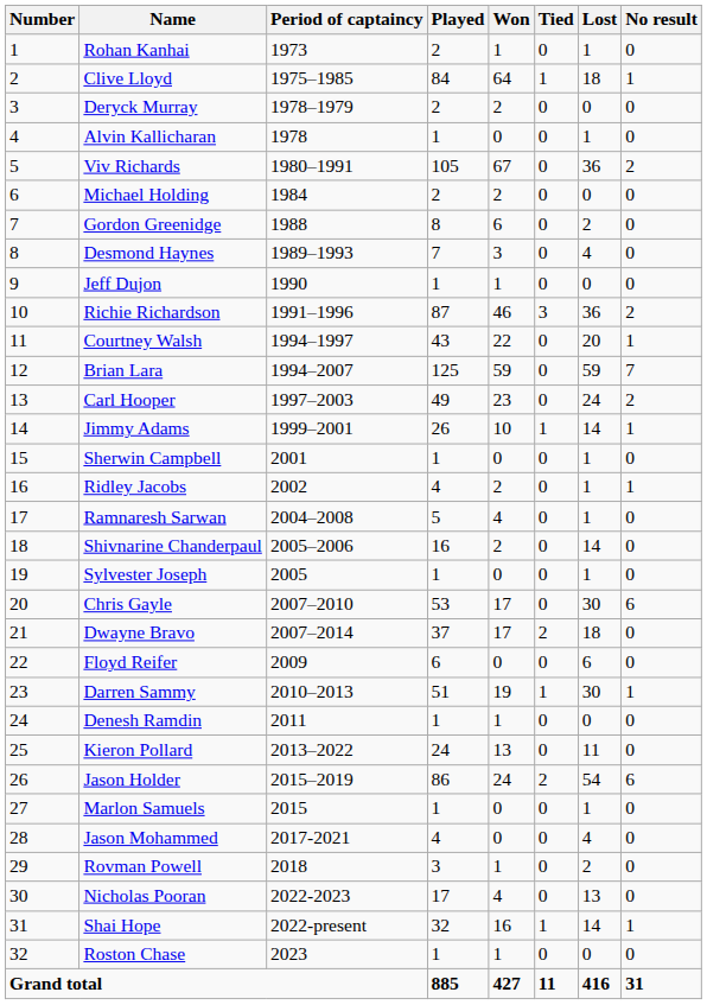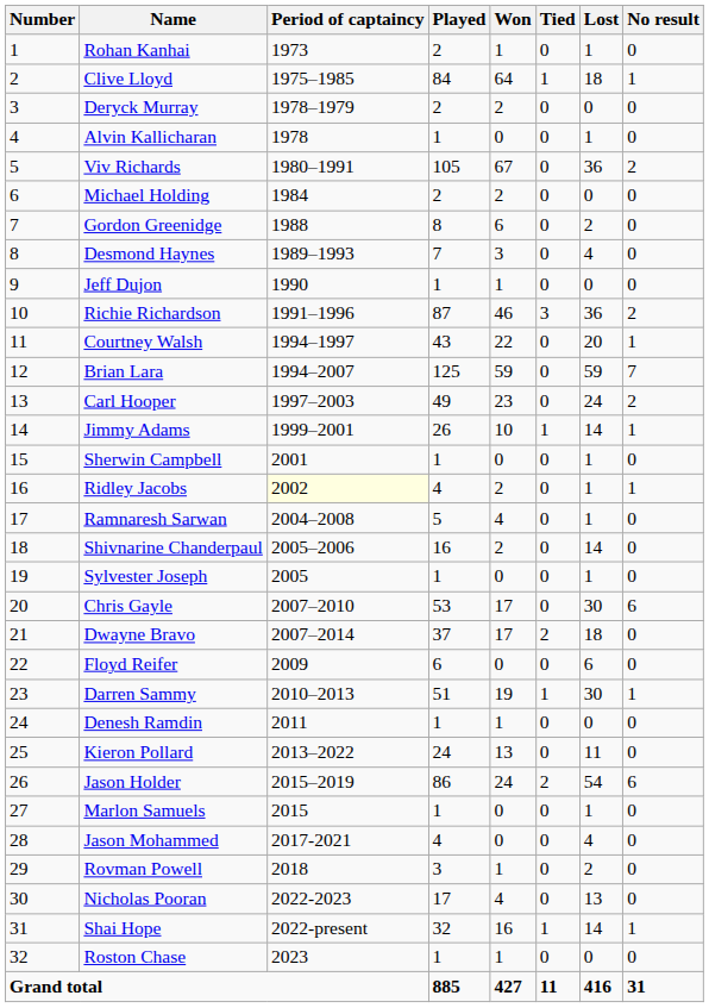 <table class="wikitable">
 <tr>
 <th>Number</th>
 <th>Name</th>
 <th>Period of captaincy</th>
 <th>Played</th>
 <th>Won</th>
 <th>Tied</th>
 <th>Lost</th>
 <th>No result</th>
 </tr>
 <tr>
 <td>1</td>
 <td><a href='#'>Rohan Kanhai</a></td>
 <td>1973</td>
 <td>2</td>
 <td>1</td>
 <td>0</td>
 <td>1</td>
 <td>0</td>
 </tr>
 <tr>
 <td>2</td>
 <td><a href='#'>Clive Lloyd</a></td>
 <td>1975–1985</td>
 <td>84</td>
 <td>64</td>
 <td>1</td>
 <td>18</td>
 <td>1</td>
 </tr>
 <tr>
 <td>3</td>
 <td><a href='#'>Deryck Murray</a></td>
 <td>1978–1979</td>
 <td>2</td>
 <td>2</td>
 <td>0</td>
 <td>0</td>
 <td>0</td>
 </tr>
 <tr>
 <td>4</td>
 <td><a href='#'>Alvin Kallicharan</a></td>
 <td>1978</td>
 <td>1</td>
 <td>0</td>
 <td>0</td>
 <td>1</td>
 <td>0</td>
 </tr>
 <tr>
 <td>5</td>
 <td><a href='#'>Viv Richards</a></td>
 <td>1980–1991</td>
 <td>105</td>
 <td>67</td>
 <td>0</td>
 <td>36</td>
 <td>2</td>
 </tr>
 <tr>
 <td>6</td>
 <td><a href='#'>Michael Holding</a></td>
 <td>1984</td>
 <td>2</td>
 <td>2</td>
 <td>0</td>
 <td>0</td>
 <td>0</td>
 </tr>
 <tr>
 <td>7</td>
 <td><a href='#'>Gordon Greenidge</a></td>
 <td>1988</td>
 <td>8</td>
 <td>6</td>
 <td>0</td>
 <td>2</td>
 <td>0</td>
 </tr>
 <tr>
 <td>8</td>
 <td><a href='#'>Desmond Haynes</a></td>
 <td>1989–1993</td>
 <td>7</td>
 <td>3</td>
 <td>0</td>
 <td>4</td>
 <td>0</td>
 </tr>
 <tr>
 <td>9</td>
 <td><a href='#'>Jeff Dujon</a></td>
 <td>1990</td>
 <td>1</td>
 <td>1</td>
 <td>0</td>
 <td>0</td>
 <td>0</td>
 </tr>
 <tr>
 <td>10</td>
 <td><a href='#'>Richie Richardson</a></td>
 <td>1991–1996</td>
 <td>87</td>
 <td>46</td>
 <td>3</td>
 <td>36</td>
 <td>2</td>
 </tr>
 <tr>
 <td>11</td>
 <td><a href='#'>Courtney Walsh</a></td>
 <td>1994–1997</td>
 <td>43</td>
 <td>22</td>
 <td>0</td>
 <td>20</td>
 <td>1</td>
 </tr>
 <tr>
 <td>12</td>
 <td><a href='#'>Brian Lara</a></td>
 <td>1994–2007</td>
 <td>125</td>
 <td>59</td>
 <td>0</td>
 <td>59</td>
 <td>7</td>
 </tr>
 <tr>
 <td>13</td>
 <td><a href='#'>Carl Hooper</a></td>
 <td>1997–2003</td>
 <td>49</td>
 <td>23</td>
 <td>0</td>
 <td>24</td>
 <td>2</td>
 </tr>
 <tr>
 <td>14</td>
 <td><a href='#'>Jimmy Adams</a></td>
 <td>1999–2001</td>
 <td>26</td>
 <td>10</td>
 <td>1</td>
 <td>14</td>
 <td>1</td>
 </tr>
 <tr>
 <td>15</td>
 <td><a href='#'>Sherwin Campbell</a></td>
 <td>2001</td>
 <td>1</td>
 <td>0</td>
 <td>0</td>
 <td>1</td>
 <td>0</td>
 </tr>
 <tr>
 <td>16</td>
 <td><a href='#'>Ridley Jacobs</a></td>
-<td>2002</td>
+<td style="background: lightyellow;">2002</td>
 <td>4</td>
 <td>2</td>
 <td>0</td>
 <td>1</td>
 <td>1</td>
 </tr>
 <tr>
 <td>17</td>
 <td><a href='#'>Ramnaresh Sarwan</a></td>
 <td>2004–2008</td>
 <td>5</td>
 <td>4</td>
 <td>0</td>
 <td>1</td>
 <td>0</td>
 </tr>
 <tr>
 <td>18</td>
 <td><a href='#'>Shivnarine Chanderpaul</a></td>
 <td>2005–2006</td>
 <td>16</td>
 <td>2</td>
 <td>0</td>
 <td>14</td>
 <td>0</td>
 </tr>
 <tr>
 <td>19</td>
 <td><a href='#'>Sylvester Joseph</a></td>
 <td>2005</td>
 <td>1</td>
 <td>0</td>
 <td>0</td>
 <td>1</td>
 <td>0</td>
 </tr>
 <tr>
 <td>20</td>
 <td><a href='#'>Chris Gayle</a></td>
 <td>2007–2010</td>
 <td>53</td>
 <td>17</td>
 <td>0</td>
 <td>30</td>
 <td>6</td>
 </tr>
 <tr>
 <td>21</td>
 <td><a href='#'>Dwayne Bravo</a></td>
 <td>2007–2014</td>
 <td>37</td>
 <td>17</td>
 <td>2</td>
 <td>18</td>
 <td>0</td>
 </tr>
 <tr>
 <td>22</td>
 <td><a href='#'>Floyd Reifer</a></td>
 <td>2009</td>
 <td>6</td>
 <td>0</td>
 <td>0</td>
 <td>6</td>
 <td>0</td>
 </tr>
 <tr>
 <td>23</td>
 <td><a href='#'>Darren Sammy</a></td>
 <td>2010–2013</td>
 <td>51</td>
 <td>19</td>
 <td>1</td>
 <td>30</td>
 <td>1</td>
 </tr>
 <tr>
 <td>24</td>
 <td><a href='#'>Denesh Ramdin</a></td>
 <td>2011</td>
 <td>1</td>
 <td>1</td>
 <td>0</td>
 <td>0</td>
 <td>0</td>
 </tr>
 <tr>
 <td>25</td>
 <td><a href='#'>Kieron Pollard</a></td>
 <td>2013–2022</td>
 <td>24</td>
 <td>13</td>
 <td>0</td>
 <td>11</td>
 <td>0</td>
 </tr>
 <tr>
 <td>26</td>
 <td><a href='#'>Jason Holder</a></td>
 <td>2015–2019</td>
 <td>86</td>
 <td>24</td>
 <td>2</td>
 <td>54</td>
 <td>6</td>
 </tr>
 <tr>
 <td>27</td>
 <td><a href='#'>Marlon Samuels</a></td>
 <td>2015</td>
 <td>1</td>
 <td>0</td>
 <td>0</td>
 <td>1</td>
 <td>0</td>
 </tr>
 <tr>
 <td>28</td>
 <td><a href='#'>Jason Mohammed</a></td>
 <td>2017-2021</td>
 <td>4</td>
 <td>0</td>
 <td>0</td>
 <td>4</td>
 <td>0</td>
 </tr>
 <tr>
 <td>29</td>
 <td><a href='#'>Rovman Powell</a></td>
 <td>2018</td>
 <td>3</td>
 <td>1</td>
 <td>0</td>
 <td>2</td>
 <td>0</td>
 </tr>
 <tr>
 <td>30</td>
 <td><a href='#'>Nicholas Pooran</a></td>
 <td>2022-2023</td>
 <td>17</td>
 <td>4</td>
 <td>0</td>
 <td>13</td>
 <td>0</td>
 </tr>
 <tr>
 <td>31</td>
 <td><a href='#'>Shai Hope</a></td>
 <td>2022-present</td>
 <td>32</td>
 <td>16</td>
 <td>1</td>
 <td>14</td>
 <td>1</td>
 </tr>
 <tr>
 <td>32</td>
 <td><a href='#'>Roston Chase</a></td>
 <td>2023</td>
 <td>1</td>
 <td>1</td>
 <td>0</td>
 <td>0</td>
 <td>0</td>
 </tr>
 <tr>
 <td colspan=3><strong>Grand total</strong></td>
 <td><strong>885</strong></td>
 <td><strong>427</strong></td>
 <td><strong>11</strong></td>
 <td><strong>416</strong></td>
 <td><strong>31</strong></td>
 </tr>
 </table>
